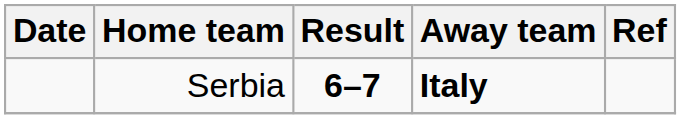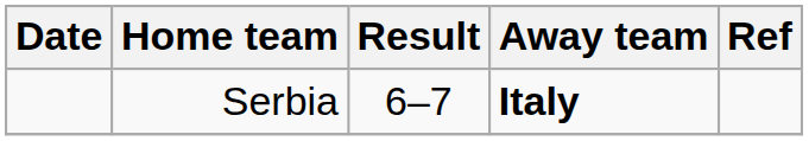 <table class=wikitable>
 <tr>
 <th>Date</th>
 <th>Home team</th>
 <th>Result</th>
 <th>Away team</th>
 <th>Ref</th>
 </tr>
 <tr>
 <td></td>
 <td style="text-align:right;">Serbia </td>
-<td style="text-align:center;"><strong>6–7</strong></td>
+<td style="text-align:center;">6–7</td>
 <td><strong> Italy</strong></td>
 <td></td>
 </tr>
 <tr>
 </tr>
 </table>
